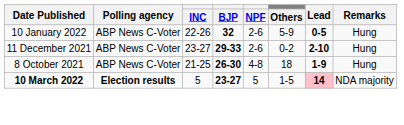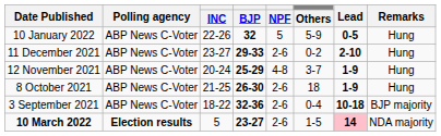 <table class="wikitable sortable" style="text-align:center;font-size:95%">
 <tr>
 <th rowspan="2">Date Published</th>
 <th rowspan="2">Polling agency</th>
 <th style="background:"></th>
 <th style="background:"></th>
 <th style="text-align:center; background:"></th>
 <th style="background:gray;"></th>
 <th rowspan="2">Lead</th>
 <th rowspan="2">Remarks</th>
 </tr>
 <tr>
 <th><a href='#'>INC</a></th>
 <th><a href='#'>BJP</a></th>
 <th><a href='#'>NPF</a></th>
 <th>Others</th>
 </tr>
 <tr>
 <td>10 January 2022</td>
 <td>ABP News C-Voter</td>
 <td>22-26</td>
 <td><strong>32</strong></td>
-<td>2-6</td>
+<td style="background:">5</td>
 <td>5-9</td>
 <td style="background:"><strong>0-5</strong></td>
 <td>Hung</td>
 </tr>
 <tr>
 <td>11 December 2021</td>
 <td>ABP News C-Voter</td>
 <td>23-27</td>
 <td style="background:"><strong>29-33</strong></td>
 <td>2-6</td>
 <td>0-2</td>
 <td style="background:"><strong>2-10</strong></td>
 <td>Hung</td>
 </tr>
 <tr>
+<td>12 November 2021</td>
+<td>ABP News C-Voter</td>
+<td>20-24</td>
+<td style="background:"><strong>25-29</strong></td>
+<td>4-8</td>
+<td>3-7</td>
+<td style="background:"><strong>1-9</strong></td>
+<td>Hung</td>
+</tr>
+<tr>
 <td>8 October 2021</td>
 <td>ABP News C-Voter</td>
 <td>21-25</td>
 <td style="background:"><strong>26-30</strong></td>
-<td>4-8</td>
+<td>2-6</td>
 <td style="background:">18</td>
 <td style="background:"><strong>1-9</strong></td>
 <td>Hung</td>
+</tr>
+<tr>
+<td>3 September 2021</td>
+<td>ABP News C-Voter</td>
+<td>18-22</td>
+<td style="background:"><strong>32-36</strong></td>
+<td>2-6</td>
+<td>0-4</td>
+<td style="background:"><strong>10-18</strong></td>
+<td>BJP majority</td>
 </tr>
 <tr>
 <td style="background:"><strong>10 March 2022</strong></td>
 <td style="background:"><strong>Election results</strong></td>
 <td style="background:">5</td>
 <td style="background:"><strong>23-27</strong></td>
-<td style="background:">5</td>
+<td>2-6</td>
 <td>1-5</td>
 <td style="background: pink;"><strong>14</strong></td>
 <td style="background:">NDA majority</td>
 </tr>
 </table>
